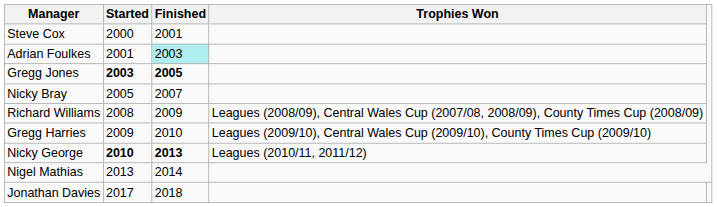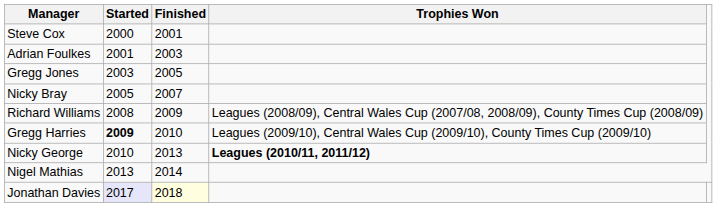 <table class="wikitable">
 <tr>
 <th>Manager</th>
 <th>Started</th>
 <th>Finished</th>
 <th>Trophies Won</th>
 </tr>
 <tr>
 <td>Steve Cox</td>
 <td>2000</td>
 <td>2001</td>
 <td></td>
 </tr>
 <tr>
 <td>Adrian Foulkes</td>
 <td>2001</td>
-<td style="background: paleturquoise;">2003</td>
+<td>2003</td>
 <td></td>
 </tr>
 <tr>
 <td>Gregg Jones</td>
-<td><strong>2003</strong></td>
-<td><strong>2005</strong></td>
+<td>2003</td>
+<td>2005</td>
 <td></td>
 </tr>
 <tr>
 <td>Nicky Bray</td>
 <td>2005</td>
 <td>2007</td>
 <td></td>
 </tr>
 <tr>
 <td>Richard Williams</td>
 <td>2008</td>
 <td>2009</td>
 <td>Leagues (2008/09), Central Wales Cup (2007/08, 2008/09), County Times Cup (2008/09)</td>
 </tr>
 <tr>
 <td>Gregg Harries</td>
-<td>2009</td>
+<td><strong>2009</strong></td>
 <td>2010</td>
 <td>Leagues (2009/10), Central Wales Cup (2009/10), County Times Cup (2009/10)</td>
 </tr>
 <tr>
 <td>Nicky George</td>
-<td><strong>2010</strong></td>
-<td><strong>2013</strong></td>
-<td>Leagues (2010/11, 2011/12)</td>
+<td>2010</td>
+<td>2013</td>
+<td><strong>Leagues (2010/11, 2011/12)</strong></td>
 </tr>
 <tr>
 <td>Nigel Mathias</td>
 <td>2013</td>
 <td>2014</td>
 </tr>
 <tr>
 <td>Jonathan Davies</td>
-<td>2017</td>
-<td>2018</td>
+<td style="background: lavender;">2017</td>
+<td style="background: lightyellow;">2018</td>
 <td></td>
 <td></td>
 </tr>
 </table>
